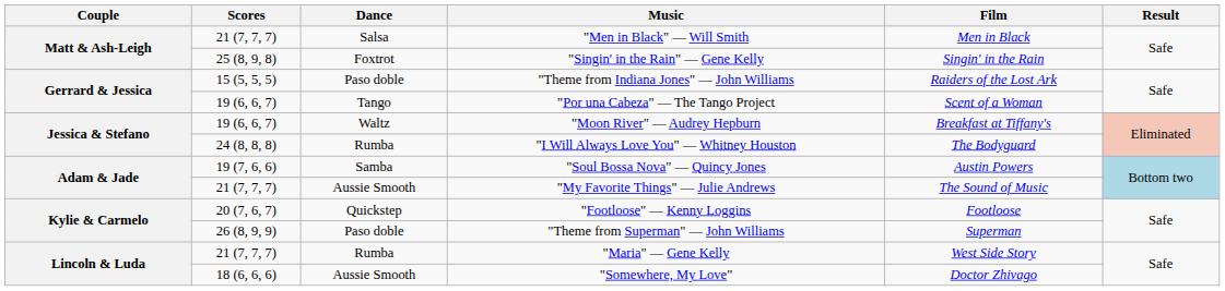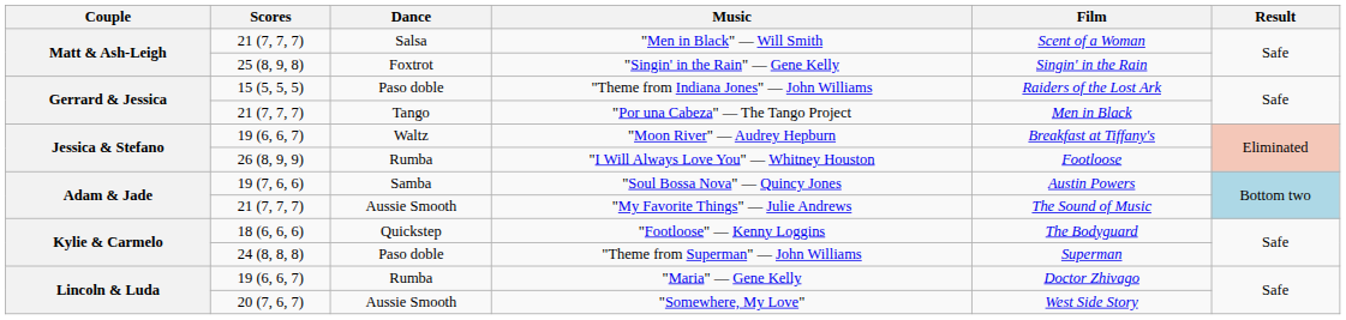 <table class="wikitable sortable" style="text-align:center; width: 90%">
 <tr>
 <th scope="col">Couple</th>
 <th scope="col">Scores</th>
 <th scope="col">Dance</th>
 <th scope="col" class="unsortable">Music</th>
 <th scope="col" class="unsortable">Film</th>
 <th scope="col" class="unsortable">Result</th>
 </tr>
 <tr>
 <th scope="row" rowspan="2">Matt & Ash-Leigh</th>
 <td>21 (7, 7, 7)</td>
 <td>Salsa</td>
 <td>"<a href='#'>Men in Black</a>" — <a href='#'>Will Smith</a></td>
-<td><a href='#'><em>Men in Black</em></a></td>
+<td><a href='#'><em>Scent of a Woman</em></a></td>
 <td rowspan="2">Safe</td>
 </tr>
 <tr>
 <td>25 (8, 9, 8)</td>
 <td>Foxtrot</td>
 <td>"<a href='#'>Singin' in the Rain</a>" — <a href='#'>Gene Kelly</a></td>
 <td><em><a href='#'>Singin' in the Rain</a></em></td>
 </tr>
 <tr>
 <th scope="row" rowspan="2">Gerrard & Jessica</th>
 <td>15 (5, 5, 5)</td>
 <td>Paso doble</td>
 <td>"Theme from <a href='#'>Indiana Jones</a>" — <a href='#'>John Williams</a></td>
 <td><em><a href='#'>Raiders of the Lost Ark</a></em></td>
 <td rowspan="2">Safe</td>
 </tr>
 <tr>
-<td>19 (6, 6, 7)</td>
+<td>21 (7, 7, 7)</td>
 <td>Tango</td>
 <td>"<a href='#'>Por una Cabeza</a>" — The Tango Project</td>
-<td><a href='#'><em>Scent of a Woman</em></a></td>
+<td><a href='#'><em>Men in Black</em></a></td>
 </tr>
 <tr>
 <th scope="row" rowspan="2">Jessica & Stefano</th>
 <td>19 (6, 6, 7)</td>
 <td>Waltz</td>
 <td>"<a href='#'>Moon River</a>" — <a href='#'>Audrey Hepburn</a></td>
 <td><a href='#'><em>Breakfast at Tiffany's</em></a></td>
 <td rowspan="2" bgcolor="f4c7b8">Eliminated</td>
 </tr>
 <tr>
-<td>24 (8, 8, 8)</td>
+<td>26 (8, 9, 9)</td>
 <td>Rumba</td>
 <td>"<a href='#'>I Will Always Love You</a>" — <a href='#'>Whitney Houston</a></td>
-<td><a href='#'><em>The Bodyguard</em></a></td>
+<td><a href='#'><em>Footloose</em></a></td>
 </tr>
 <tr>
 <th scope="row" rowspan="2">Adam & Jade</th>
 <td>19 (7, 6, 6)</td>
 <td>Samba</td>
 <td>"<a href='#'>Soul Bossa Nova</a>" — <a href='#'>Quincy Jones</a></td>
 <td><em><a href='#'>Austin Powers</a></em></td>
 <td rowspan="2" bgcolor="lightblue">Bottom two</td>
 </tr>
 <tr>
 <td>21 (7, 7, 7)</td>
 <td>Aussie Smooth</td>
 <td>"<a href='#'>My Favorite Things</a>" — <a href='#'>Julie Andrews</a></td>
 <td><a href='#'><em>The Sound of Music</em></a></td>
 </tr>
 <tr>
 <th scope="row" rowspan="2">Kylie & Carmelo</th>
-<td>20 (7, 6, 7)</td>
+<td>18 (6, 6, 6)</td>
 <td>Quickstep</td>
 <td>"<a href='#'>Footloose</a>" — <a href='#'>Kenny Loggins</a></td>
-<td><a href='#'><em>Footloose</em></a></td>
+<td><a href='#'><em>The Bodyguard</em></a></td>
 <td rowspan="2">Safe</td>
 </tr>
 <tr>
-<td>26 (8, 9, 9)</td>
+<td>24 (8, 8, 8)</td>
 <td>Paso doble</td>
 <td>"Theme from <a href='#'>Superman</a>" — <a href='#'>John Williams</a></td>
 <td><em><a href='#'>Superman</a></em></td>
 </tr>
 <tr>
 <th scope="row" rowspan="2">Lincoln & Luda</th>
-<td>21 (7, 7, 7)</td>
+<td>19 (6, 6, 7)</td>
 <td>Rumba</td>
 <td>"<a href='#'>Maria</a>" — <a href='#'>Gene Kelly</a></td>
-<td><a href='#'><em>West Side Story</em></a></td>
+<td><a href='#'><em>Doctor Zhivago</em></a></td>
 <td rowspan="2">Safe</td>
 </tr>
 <tr>
-<td>18 (6, 6, 6)</td>
+<td>20 (7, 6, 7)</td>
 <td>Aussie Smooth</td>
 <td>"<a href='#'>Somewhere, My Love</a>"</td>
-<td><a href='#'><em>Doctor Zhivago</em></a></td>
+<td><a href='#'><em>West Side Story</em></a></td>
 </tr>
 </table>
